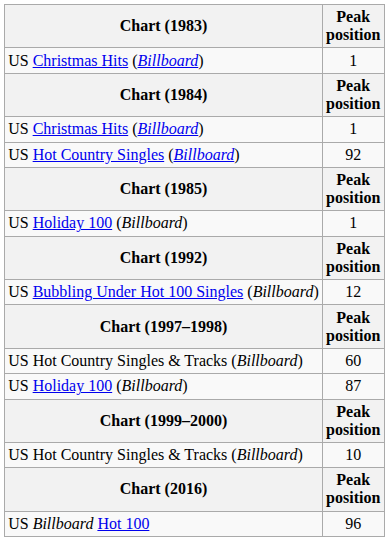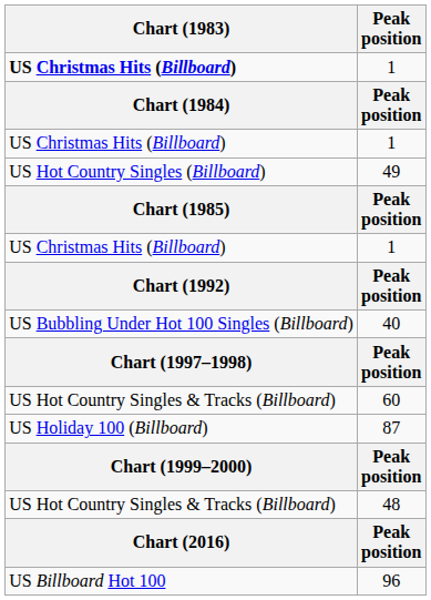 <table class="wikitable sortable">
 <tr>
 <th align="left">Chart (1983)</th>
 <th align="center">Peak<br>position</th>
 </tr>
 <tr>
-<td>US <a href='#'>Christmas Hits</a> (<em><a href='#'>Billboard</a></em>)</td>
+<td><strong>US <a href='#'>Christmas Hits</a> (<em><a href='#'>Billboard</a></em>)</strong></td>
 <td align="center">1</td>
 </tr>
 <tr>
 <th align="left">Chart (1984)</th>
 <th align="center">Peak<br>position</th>
 </tr>
 <tr>
 <td>US <a href='#'>Christmas Hits</a> (<em><a href='#'>Billboard</a></em>)</td>
 <td align="center">1</td>
 </tr>
 <tr>
 <td>US <a href='#'>Hot Country Singles</a> (<em><a href='#'>Billboard</a></em>)</td>
-<td align="center">92</td>
+<td align="center">49</td>
 </tr>
 <tr>
 <th align="left">Chart (1985)</th>
 <th align="center">Peak<br>position</th>
 </tr>
 <tr>
-<td>US <a href='#'>Holiday 100</a> (<em>Billboard</em>)</td>
+<td>US <a href='#'>Christmas Hits</a> (<em><a href='#'>Billboard</a></em>)</td>
 <td align="center">1</td>
 </tr>
 <tr>
 <th align="left">Chart (1992)</th>
 <th align="center">Peak<br>position</th>
 </tr>
 <tr>
 <td>US <a href='#'>Bubbling Under Hot 100 Singles</a> (<em>Billboard</em>)</td>
-<td align="center">12</td>
+<td align="center">40</td>
 </tr>
 <tr>
 <th align="left">Chart (1997–1998)</th>
 <th align="center">Peak<br>position</th>
 </tr>
 <tr>
 <td>US Hot Country Singles & Tracks (<em>Billboard</em>)</td>
 <td align="center">60</td>
 </tr>
 <tr>
 <td>US <a href='#'>Holiday 100</a> (<em>Billboard</em>)</td>
 <td align="center">87</td>
 </tr>
 <tr>
 <th align="left">Chart (1999–2000)</th>
 <th align="center">Peak<br>position</th>
 </tr>
 <tr>
 <td>US Hot Country Singles & Tracks (<em>Billboard</em>)</td>
-<td align="center">10</td>
+<td align="center">48</td>
 </tr>
 <tr>
 <th align="left">Chart (2016)</th>
 <th align="center">Peak<br>position</th>
 </tr>
 <tr>
 <td>US <em>Billboard</em> <a href='#'>Hot 100</a></td>
 <td align="center">96</td>
 </tr>
 </table>
